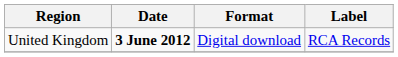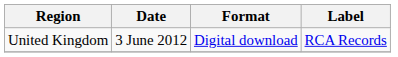 <table class=wikitable>
 <tr>
 <th scope="col">Region</th>
 <th scope="col">Date</th>
 <th scope="col">Format</th>
 <th scope="col">Label</th>
 </tr>
 <tr>
 <td>United Kingdom</td>
-<td><strong>3 June 2012</strong></td>
+<td>3 June 2012</td>
 <td><a href='#'>Digital download</a></td>
 <td><a href='#'>RCA Records</a></td>
 </tr>
 <tr>
 </tr>
 </table>
